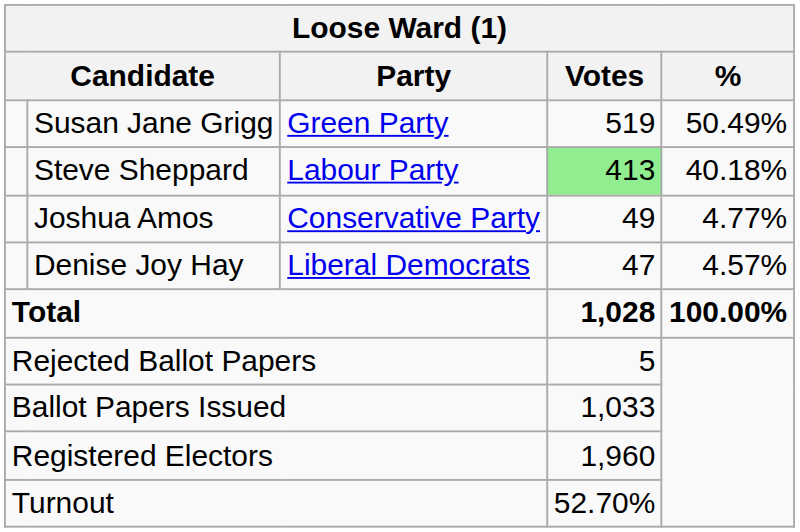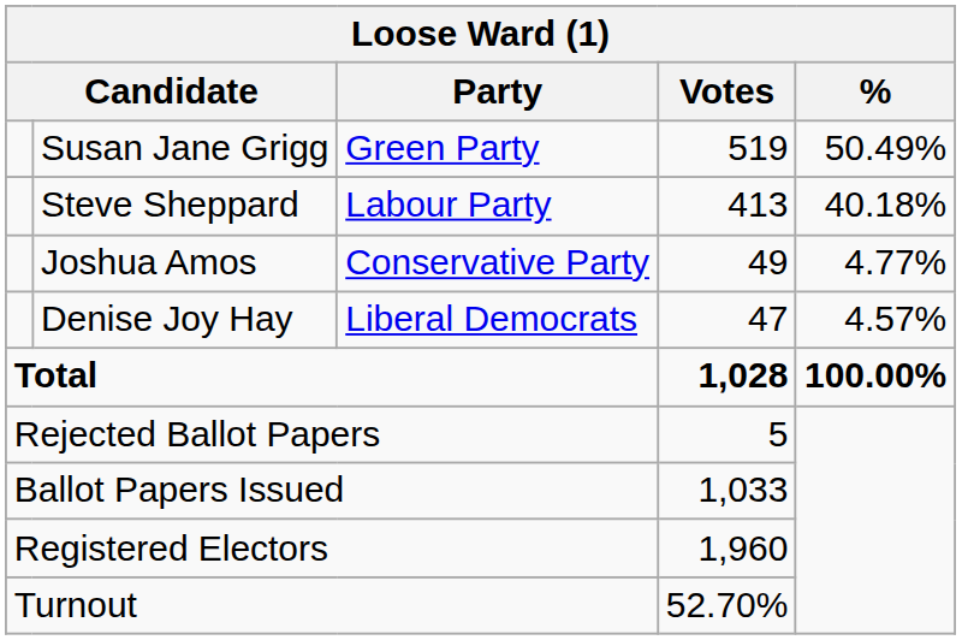 <table class="wikitable" border="1" style="text-align:right; font-size:100%">
 <tr>
 <th align=center colspan=5>Loose Ward (1)</th>
 </tr>
 <tr>
 <th align=left colspan=2>Candidate</th>
 <th align=left>Party</th>
 <th align=center>Votes</th>
 <th align=center>%</th>
 </tr>
 <tr>
 <td bgcolor=> </td>
 <td align=left>Susan Jane Grigg</td>
 <td align=left><a href='#'>Green Party</a></td>
 <td>519</td>
 <td>50.49%</td>
 </tr>
 <tr>
 <td bgcolor=> </td>
 <td align=left>Steve Sheppard</td>
 <td align=left><a href='#'>Labour Party</a></td>
-<td style="background: lightgreen;">413</td>
+<td>413</td>
 <td>40.18%</td>
 </tr>
 <tr>
 <td bgcolor=> </td>
 <td align=left>Joshua Amos</td>
 <td align=left><a href='#'>Conservative Party</a></td>
 <td>49</td>
 <td>4.77%</td>
 </tr>
 <tr>
 <td bgcolor=> </td>
 <td align=left>Denise Joy Hay</td>
 <td align=left><a href='#'>Liberal Democrats</a></td>
 <td>47</td>
 <td>4.57%</td>
 </tr>
 <tr>
 <td align=left colspan=3><strong>Total</strong></td>
 <td><strong>1,028</strong></td>
 <td><strong>100.00%</strong></td>
 </tr>
 <tr>
 <td align=left colspan=3>Rejected Ballot Papers</td>
 <td>5</td>
 <td rowspan=4></td>
 </tr>
 <tr>
 <td align=left colspan=3>Ballot Papers Issued</td>
 <td>1,033</td>
 </tr>
 <tr>
 <td align=left colspan=3>Registered Electors</td>
 <td>1,960</td>
 </tr>
 <tr>
 <td align=left colspan=3>Turnout</td>
 <td>52.70%</td>
 </tr>
 </table>
